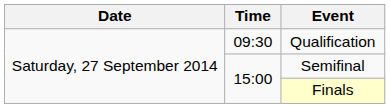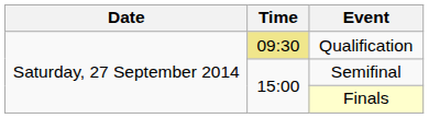 <table class = "wikitable" style="text-align:center;">
 <tr>
 <th width=220>Date</th>
 <th width=50>Time</th>
 <th width=100>Event</th>
 </tr>
 <tr>
 <td rowspan=3>Saturday, 27 September 2014</td>
-<td>09:30</td>
+<td style="background: khaki;">09:30</td>
 <td>Qualification</td>
 </tr>
 <tr>
 <td rowspan=2>15:00</td>
 <td>Semifinal</td>
 </tr>
 <tr>
 <td bgcolor=ffffcc>Finals</td>
 </tr>
 </table>
